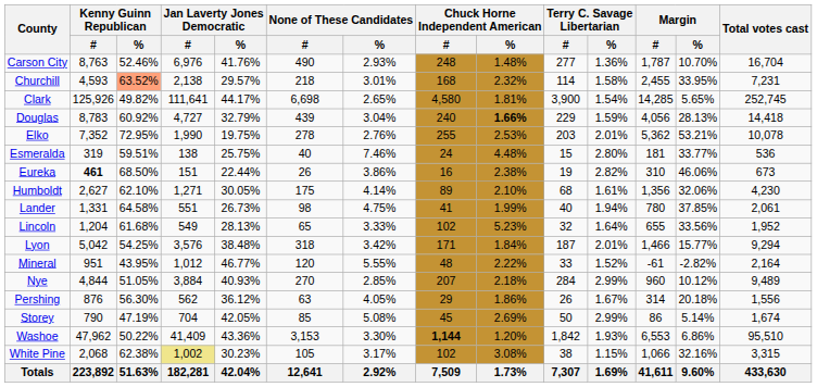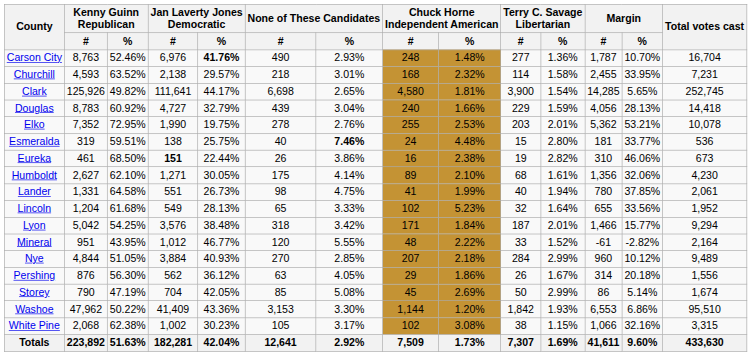 <table class="wikitable sortable" style="text-align:center">
 <tr>
 <th rowspan="2">County</th>
 <th style="text-align:center;" colspan="2">Kenny Guinn<br>Republican</th>
 <th style="text-align:center;" colspan="2">Jan Laverty Jones<br>Democratic</th>
 <th style="text-align:center;" colspan="2">None of These Candidates</th>
 <th style="text-align:center;" colspan="2">Chuck Horne<br>Independent American</th>
 <th style="text-align:center;" colspan="2">Terry C. Savage<br>Libertarian</th>
 <th style="text-align:center;" colspan="2">Margin</th>
 <th style="text-align:center;" rowspan="2">Total votes cast</th>
 </tr>
 <tr>
 <th style="text-align:center;" data-sort-type="number">#</th>
 <th style="text-align:center;" data-sort-type="number">%</th>
 <th style="text-align:center;" data-sort-type="number">#</th>
 <th style="text-align:center;" data-sort-type="number">%</th>
 <th style="text-align:center;" data-sort-type="number">#</th>
 <th style="text-align:center;" data-sort-type="number">%</th>
 <th style="text-align:center;" data-sort-type="number">#</th>
 <th style="text-align:center;" data-sort-type="number">%</th>
 <th style="text-align:center;" data-sort-type="number">#</th>
 <th style="text-align:center;" data-sort-type="number">%</th>
 <th style="text-align:center;" data-sort-type="number">#</th>
 <th style="text-align:center;" data-sort-type="number">%</th>
 </tr>
 <tr style="text-align:center;">
 <td><a href='#'>Carson City</a></td>
 <td>8,763</td>
 <td>52.46%</td>
 <td>6,976</td>
-<td>41.76%</td>
+<td><strong>41.76%</strong></td>
 <td>490</td>
 <td>2.93%</td>
 <td bgcolor="#c49334">248</td>
 <td bgcolor="#c49334">1.48%</td>
 <td>277</td>
 <td>1.36%</td>
 <td>1,787</td>
 <td>10.70%</td>
 <td>16,704</td>
 </tr>
 <tr style="text-align:center;">
 <td><a href='#'>Churchill</a></td>
 <td>4,593</td>
-<td style="background: lightsalmon;">63.52%</td>
+<td>63.52%</td>
 <td>2,138</td>
 <td>29.57%</td>
 <td>218</td>
 <td>3.01%</td>
 <td bgcolor="#c49334">168</td>
 <td bgcolor="#c49334">2.32%</td>
 <td>114</td>
 <td>1.58%</td>
 <td>2,455</td>
 <td>33.95%</td>
 <td>7,231</td>
 </tr>
 <tr style="text-align:center;">
 <td><a href='#'>Clark</a></td>
 <td>125,926</td>
 <td>49.82%</td>
 <td>111,641</td>
 <td>44.17%</td>
 <td>6,698</td>
 <td>2.65%</td>
 <td bgcolor="#c49334">4,580</td>
 <td bgcolor="#c49334">1.81%</td>
 <td>3,900</td>
 <td>1.54%</td>
 <td>14,285</td>
 <td>5.65%</td>
 <td>252,745</td>
 </tr>
 <tr style="text-align:center;">
 <td><a href='#'>Douglas</a></td>
 <td>8,783</td>
 <td>60.92%</td>
 <td>4,727</td>
 <td>32.79%</td>
 <td>439</td>
 <td>3.04%</td>
 <td bgcolor="#c49334">240</td>
-<td bgcolor="#c49334"><strong>1.66%</strong></td>
+<td bgcolor="#c49334">1.66%</td>
 <td>229</td>
 <td>1.59%</td>
 <td>4,056</td>
 <td>28.13%</td>
 <td>14,418</td>
 </tr>
 <tr style="text-align:center;">
 <td><a href='#'>Elko</a></td>
 <td>7,352</td>
 <td>72.95%</td>
 <td>1,990</td>
 <td>19.75%</td>
 <td>278</td>
 <td>2.76%</td>
 <td bgcolor="#c49334">255</td>
 <td bgcolor="#c49334">2.53%</td>
 <td>203</td>
 <td>2.01%</td>
 <td>5,362</td>
 <td>53.21%</td>
 <td>10,078</td>
 </tr>
 <tr style="text-align:center;">
 <td><a href='#'>Esmeralda</a></td>
 <td>319</td>
 <td>59.51%</td>
 <td>138</td>
 <td>25.75%</td>
 <td>40</td>
-<td>7.46%</td>
+<td><strong>7.46%</strong></td>
 <td bgcolor="#c49334">24</td>
 <td bgcolor="#c49334">4.48%</td>
 <td>15</td>
 <td>2.80%</td>
 <td>181</td>
 <td>33.77%</td>
 <td>536</td>
 </tr>
 <tr style="text-align:center;">
 <td><a href='#'>Eureka</a></td>
-<td><strong>461</strong></td>
+<td>461</td>
 <td>68.50%</td>
-<td>151</td>
+<td><strong>151</strong></td>
 <td>22.44%</td>
 <td>26</td>
 <td>3.86%</td>
 <td bgcolor="#c49334">16</td>
 <td bgcolor="#c49334">2.38%</td>
 <td>19</td>
 <td>2.82%</td>
 <td>310</td>
 <td>46.06%</td>
 <td>673</td>
 </tr>
 <tr style="text-align:center;">
 <td><a href='#'>Humboldt</a></td>
 <td>2,627</td>
 <td>62.10%</td>
 <td>1,271</td>
 <td>30.05%</td>
 <td>175</td>
 <td>4.14%</td>
 <td bgcolor="#c49334">89</td>
 <td bgcolor="#c49334">2.10%</td>
 <td>68</td>
 <td>1.61%</td>
 <td>1,356</td>
 <td>32.06%</td>
 <td>4,230</td>
 </tr>
 <tr style="text-align:center;">
 <td><a href='#'>Lander</a></td>
 <td>1,331</td>
 <td>64.58%</td>
 <td>551</td>
 <td>26.73%</td>
 <td>98</td>
 <td>4.75%</td>
 <td bgcolor="#c49334">41</td>
 <td bgcolor="#c49334">1.99%</td>
 <td>40</td>
 <td>1.94%</td>
 <td>780</td>
 <td>37.85%</td>
 <td>2,061</td>
 </tr>
 <tr style="text-align:center;">
 <td><a href='#'>Lincoln</a></td>
 <td>1,204</td>
 <td>61.68%</td>
 <td>549</td>
 <td>28.13%</td>
 <td>65</td>
 <td>3.33%</td>
 <td bgcolor="#c49334">102</td>
 <td bgcolor="#c49334">5.23%</td>
 <td>32</td>
 <td>1.64%</td>
 <td>655</td>
 <td>33.56%</td>
 <td>1,952</td>
 </tr>
 <tr style="text-align:center;">
 <td><a href='#'>Lyon</a></td>
 <td>5,042</td>
 <td>54.25%</td>
 <td>3,576</td>
 <td>38.48%</td>
 <td>318</td>
 <td>3.42%</td>
 <td bgcolor="#c49334">171</td>
 <td bgcolor="#c49334">1.84%</td>
 <td>187</td>
 <td>2.01%</td>
 <td>1,466</td>
 <td>15.77%</td>
 <td>9,294</td>
 </tr>
 <tr style="text-align:center;">
 <td><a href='#'>Mineral</a></td>
 <td>951</td>
 <td>43.95%</td>
 <td>1,012</td>
 <td>46.77%</td>
 <td>120</td>
 <td>5.55%</td>
 <td bgcolor="#c49334">48</td>
 <td bgcolor="#c49334">2.22%</td>
 <td>33</td>
 <td>1.52%</td>
 <td>-61</td>
 <td>-2.82%</td>
 <td>2,164</td>
 </tr>
 <tr style="text-align:center;">
 <td><a href='#'>Nye</a></td>
 <td>4,844</td>
 <td>51.05%</td>
 <td>3,884</td>
 <td>40.93%</td>
 <td>270</td>
 <td>2.85%</td>
 <td bgcolor="#c49334">207</td>
 <td bgcolor="#c49334">2.18%</td>
 <td>284</td>
 <td>2.99%</td>
 <td>960</td>
 <td>10.12%</td>
 <td>9,489</td>
 </tr>
 <tr style="text-align:center;">
 <td><a href='#'>Pershing</a></td>
 <td>876</td>
 <td>56.30%</td>
 <td>562</td>
 <td>36.12%</td>
 <td>63</td>
 <td>4.05%</td>
 <td bgcolor="#c49334">29</td>
 <td bgcolor="#c49334">1.86%</td>
 <td>26</td>
 <td>1.67%</td>
 <td>314</td>
 <td>20.18%</td>
 <td>1,556</td>
 </tr>
 <tr style="text-align:center;">
 <td><a href='#'>Storey</a></td>
 <td>790</td>
 <td>47.19%</td>
 <td>704</td>
 <td>42.05%</td>
 <td>85</td>
 <td>5.08%</td>
 <td bgcolor="#c49334">45</td>
 <td bgcolor="#c49334">2.69%</td>
 <td>50</td>
 <td>2.99%</td>
 <td>86</td>
 <td>5.14%</td>
 <td>1,674</td>
 </tr>
 <tr style="text-align:center;">
 <td><a href='#'>Washoe</a></td>
 <td>47,962</td>
 <td>50.22%</td>
 <td>41,409</td>
 <td>43.36%</td>
 <td>3,153</td>
 <td>3.30%</td>
-<td bgcolor="#c49334"><strong>1,144</strong></td>
+<td bgcolor="#c49334">1,144</td>
 <td bgcolor="#c49334">1.20%</td>
 <td>1,842</td>
 <td>1.93%</td>
 <td>6,553</td>
 <td>6.86%</td>
 <td>95,510</td>
 </tr>
 <tr style="text-align:center;">
 <td><a href='#'>White Pine</a></td>
 <td>2,068</td>
 <td>62.38%</td>
-<td style="background: khaki;">1,002</td>
+<td>1,002</td>
 <td>30.23%</td>
 <td>105</td>
 <td>3.17%</td>
 <td bgcolor="#c49334">102</td>
 <td bgcolor="#c49334">3.08%</td>
 <td>38</td>
 <td>1.15%</td>
 <td>1,066</td>
 <td>32.16%</td>
 <td>3,315</td>
 </tr>
 <tr style="text-align:center;">
 <th>Totals</th>
 <th>223,892</th>
 <th>51.63%</th>
 <th>182,281</th>
 <th>42.04%</th>
 <th>12,641</th>
 <th>2.92%</th>
 <th>7,509</th>
 <th>1.73%</th>
 <th>7,307</th>
 <th>1.69%</th>
 <th>41,611</th>
 <th>9.60%</th>
 <th>433,630</th>
 </tr>
 </table>
